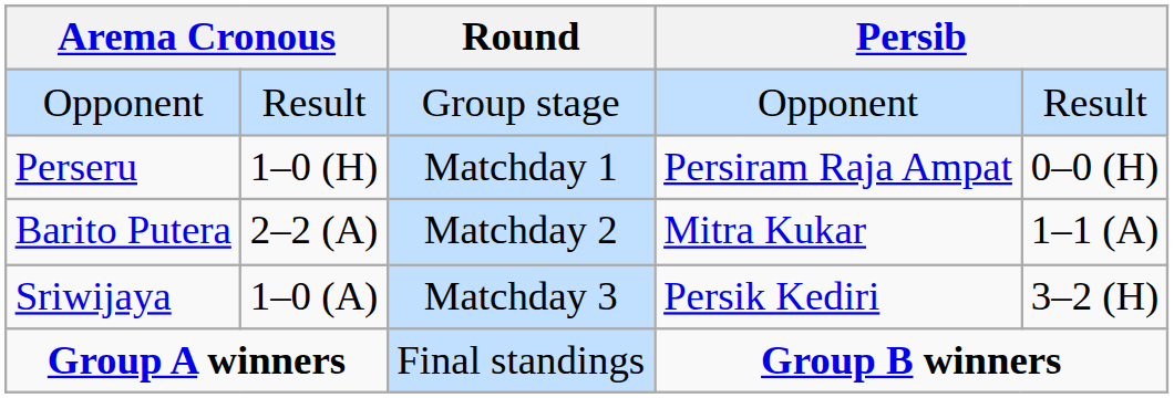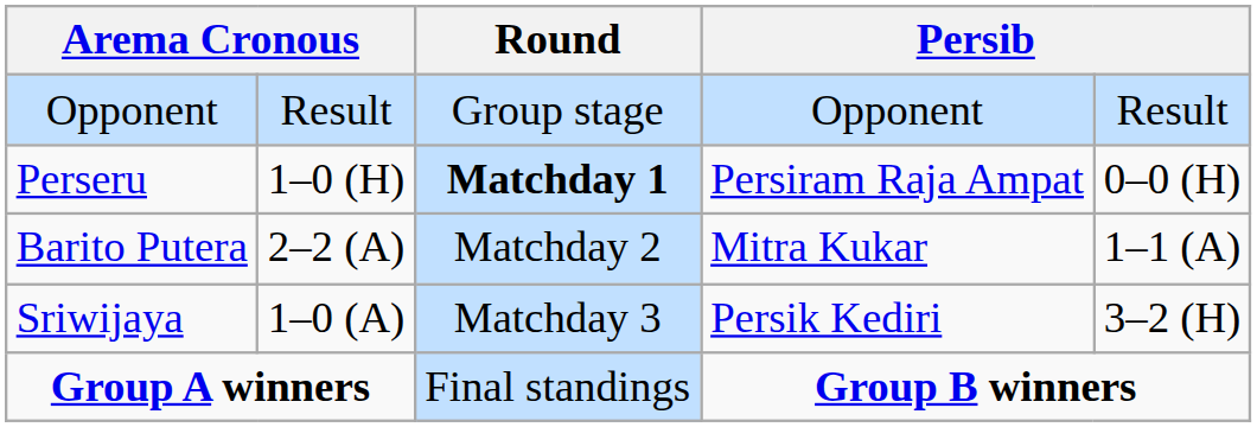 <table class="wikitable" style="text-align:center">
 <tr>
 <th colspan="4"><a href='#'>Arema Cronous</a></th>
 <th>Round</th>
 <th colspan="4"><a href='#'>Persib</a></th>
 </tr>
 <tr style="background:#C1E0FF">
 <td>Opponent</td>
 <td colspan="3">Result</td>
 <td>Group stage</td>
 <td>Opponent</td>
 <td colspan="3">Result</td>
 </tr>
 <tr>
 <td style="text-align:left"><a href='#'>Perseru</a></td>
 <td colspan="3">1–0 (H)</td>
-<td style="background:#C1E0FF">Matchday 1</td>
+<td style="background:#C1E0FF"><strong>Matchday 1</strong></td>
 <td style="text-align:left"><a href='#'>Persiram Raja Ampat</a></td>
 <td colspan="3">0–0 (H)</td>
 </tr>
 <tr>
 <td style="text-align:left"><a href='#'>Barito Putera</a></td>
 <td colspan="3">2–2 (A)</td>
 <td style="background:#C1E0FF">Matchday 2</td>
 <td style="text-align:left"><a href='#'>Mitra Kukar</a></td>
 <td colspan="3">1–1 (A)</td>
 </tr>
 <tr>
 <td style="text-align:left"><a href='#'>Sriwijaya</a></td>
 <td colspan="3">1–0 (A)</td>
 <td style="background:#C1E0FF">Matchday 3</td>
 <td style="text-align:left"><a href='#'>Persik Kediri</a></td>
 <td colspan="3">3–2 (H)</td>
 </tr>
 <tr>
 <td colspan="4" style="vertical-align:top"><strong><a href='#'>Group A</a> winners</strong><br><div>  </div></td>
 <td style="background:#C1E0FF">Final standings</td>
 <td colspan="4" style="vertical-align:top"><strong><a href='#'>Group B</a> winners</strong><br><div>  </div></td>
 </tr>
 </table>
